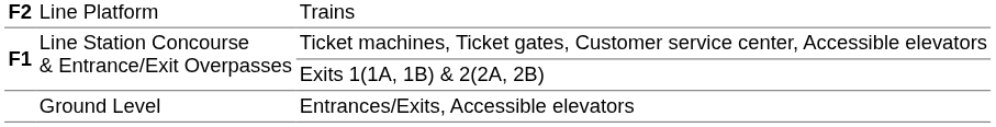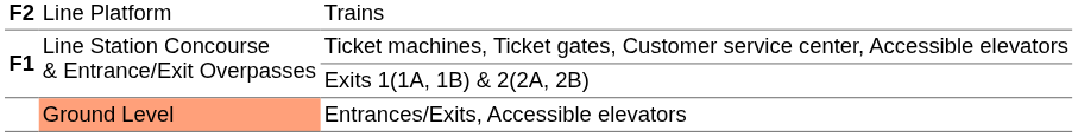 <table cellspacing=0 cellpadding=3>
 <tr>
 <td style="border-bottom:solid 1px gray;" valign=top><strong>F2</strong></td>
 <td style="border-bottom:solid 1px gray;"> Line Platform</td>
 <td style="border-bottom:solid 1px gray;" colspan=2>Trains</td>
 </tr>
 <tr>
 <td style="border-bottom:solid 1px gray;" rowspan=2><strong>F1</strong></td>
 <td style="border-bottom:solid 1px gray;" rowspan=2 valign=top> Line Station Concourse<br>& Entrance/Exit Overpasses</td>
 <td style="border-bottom:solid 1px gray;" colspan=2>Ticket machines, Ticket gates, Customer service center, Accessible elevators</td>
 </tr>
 <tr>
 <td style="border-bottom:solid 1px gray;" colspan=2>Exits 1(1A, 1B) & 2(2A, 2B)</td>
 </tr>
 <tr>
 <td style="border-bottom:solid 1px gray;" valign=top></td>
-<td style="border-bottom:solid 1px gray;">Ground Level</td>
+<td style="background: lightsalmon; border-bottom:solid 1px gray;">Ground Level</td>
 <td style="border-bottom:solid 1px gray;" colspan=2>Entrances/Exits, Accessible elevators</td>
 </tr>
 <tr>
 </tr>
 </table>
